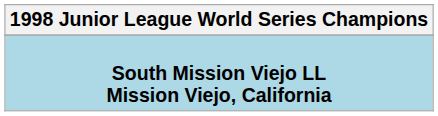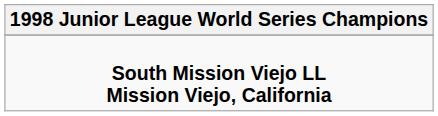 <table class="wikitable" style="text-align: center; margin: 0 auto;">
 <tr>
 <th>1998 Junior League World Series Champions</th>
 </tr>
 <tr>
 </tr>
 <tr>
-<td style="background: lightblue;"><br><strong>South Mission Viejo LL</strong><br><strong>Mission Viejo, California</strong></td>
+<td><br><strong>South Mission Viejo LL</strong><br><strong>Mission Viejo, California</strong></td>
 </tr>
 </table>
